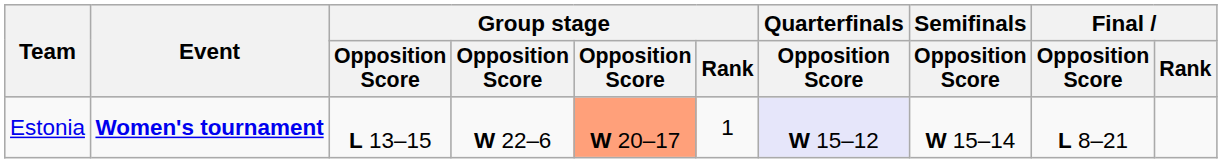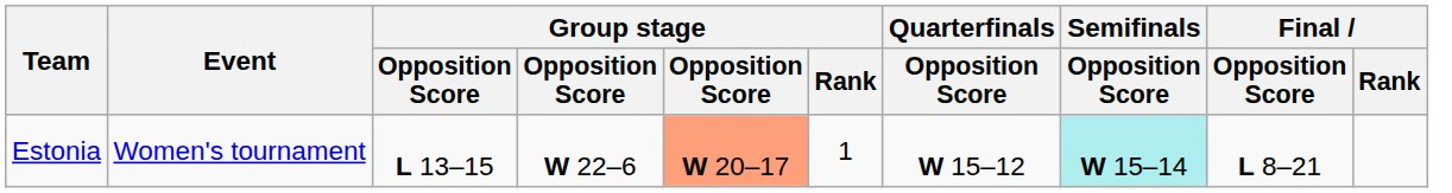 <table class="wikitable" style="text-align:center; font-size:90%">
 <tr>
 <th rowspan=2>Team</th>
 <th rowspan=2>Event</th>
 <th colspan=4>Group stage</th>
 <th>Quarterfinals</th>
 <th>Semifinals</th>
 <th colspan=2>Final / </th>
 </tr>
 <tr style="font-size:95%">
 <th>Opposition<br>Score</th>
 <th>Opposition<br>Score</th>
 <th>Opposition<br>Score</th>
 <th>Rank</th>
 <th>Opposition<br>Score</th>
 <th>Opposition<br>Score</th>
 <th>Opposition<br>Score</th>
 <th>Rank</th>
 </tr>
 <tr>
 <td align=left><a href='#'>Estonia</a></td>
-<td align=left><strong><a href='#'>Women's tournament</a></strong></td>
+<td align=left><a href='#'>Women's tournament</a></td>
 <td><br><strong>L</strong> 13–15</td>
 <td><br><strong>W</strong> 22–6</td>
 <td style="background: lightsalmon;"><br><strong>W</strong> 20–17</td>
 <td>1</td>
-<td style="background: lavender;"><br><strong>W</strong> 15–12</td>
-<td><br><strong>W</strong> 15–14</td>
+<td><br><strong>W</strong> 15–12</td>
+<td style="background: paleturquoise;"><br><strong>W</strong> 15–14</td>
 <td><br><strong>L</strong> 8–21</td>
 <td></td>
 </tr>
 </table>
